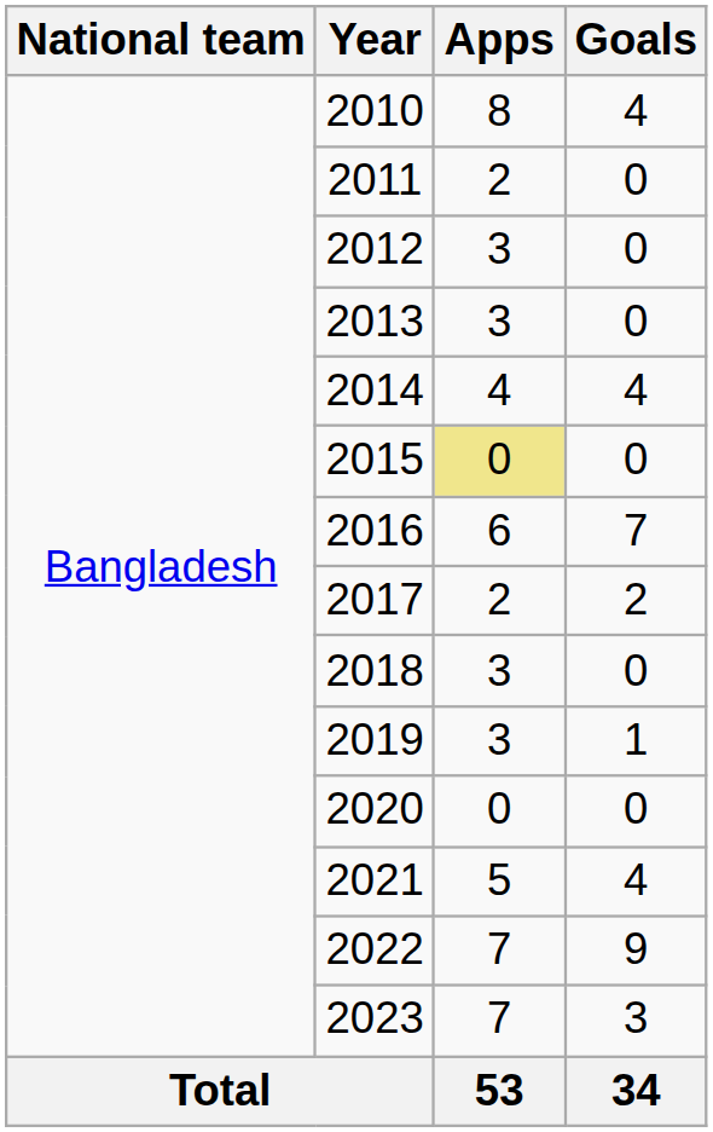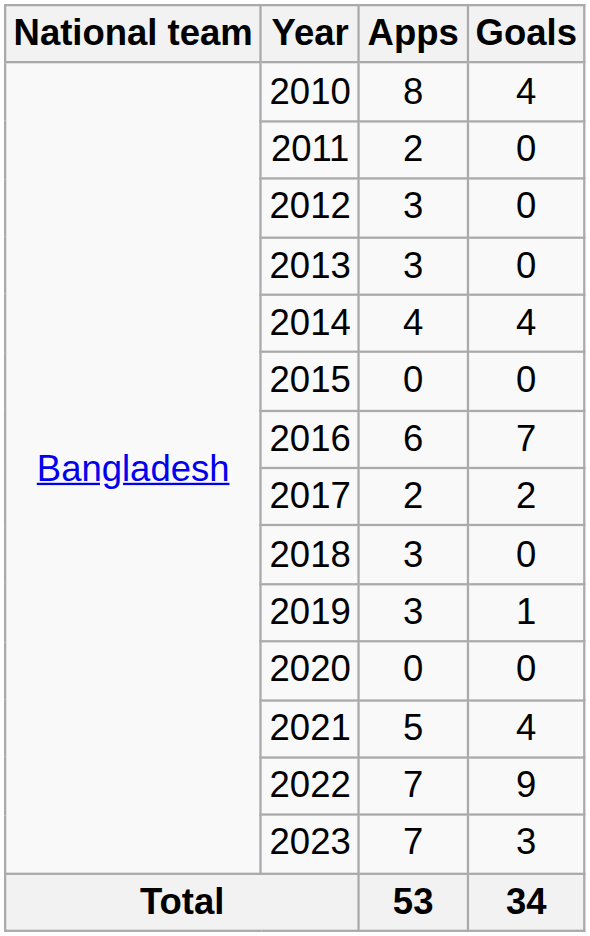 <table class="wikitable" style="text-align:center">
 <tr>
 <th>National team</th>
 <th>Year</th>
 <th>Apps</th>
 <th>Goals</th>
 </tr>
 <tr>
 <td rowspan="14"><a href='#'>Bangladesh</a></td>
 <td>2010</td>
 <td>8</td>
 <td>4</td>
 </tr>
 <tr>
 <td>2011</td>
 <td>2</td>
 <td>0</td>
 </tr>
 <tr>
 <td>2012</td>
 <td>3</td>
 <td>0</td>
 </tr>
 <tr>
 <td>2013</td>
 <td>3</td>
 <td>0</td>
 </tr>
 <tr>
 <td>2014</td>
 <td>4</td>
 <td>4</td>
 </tr>
 <tr>
 <td>2015</td>
-<td style="background: khaki;">0</td>
+<td>0</td>
 <td>0</td>
 </tr>
 <tr>
 <td>2016</td>
 <td>6</td>
 <td>7</td>
 </tr>
 <tr>
 <td>2017</td>
 <td>2</td>
 <td>2</td>
 </tr>
 <tr>
 <td>2018</td>
 <td>3</td>
 <td>0</td>
 </tr>
 <tr>
 <td>2019</td>
 <td>3</td>
 <td>1</td>
 </tr>
 <tr>
 <td>2020</td>
 <td>0</td>
 <td>0</td>
 </tr>
 <tr>
 <td>2021</td>
 <td>5</td>
 <td>4</td>
 </tr>
 <tr>
 <td>2022</td>
 <td>7</td>
 <td>9</td>
 </tr>
 <tr>
 <td>2023</td>
 <td>7</td>
 <td>3</td>
 </tr>
 <tr>
 <th colspan="2">Total</th>
 <th>53</th>
 <th>34</th>
 </tr>
 </table>
